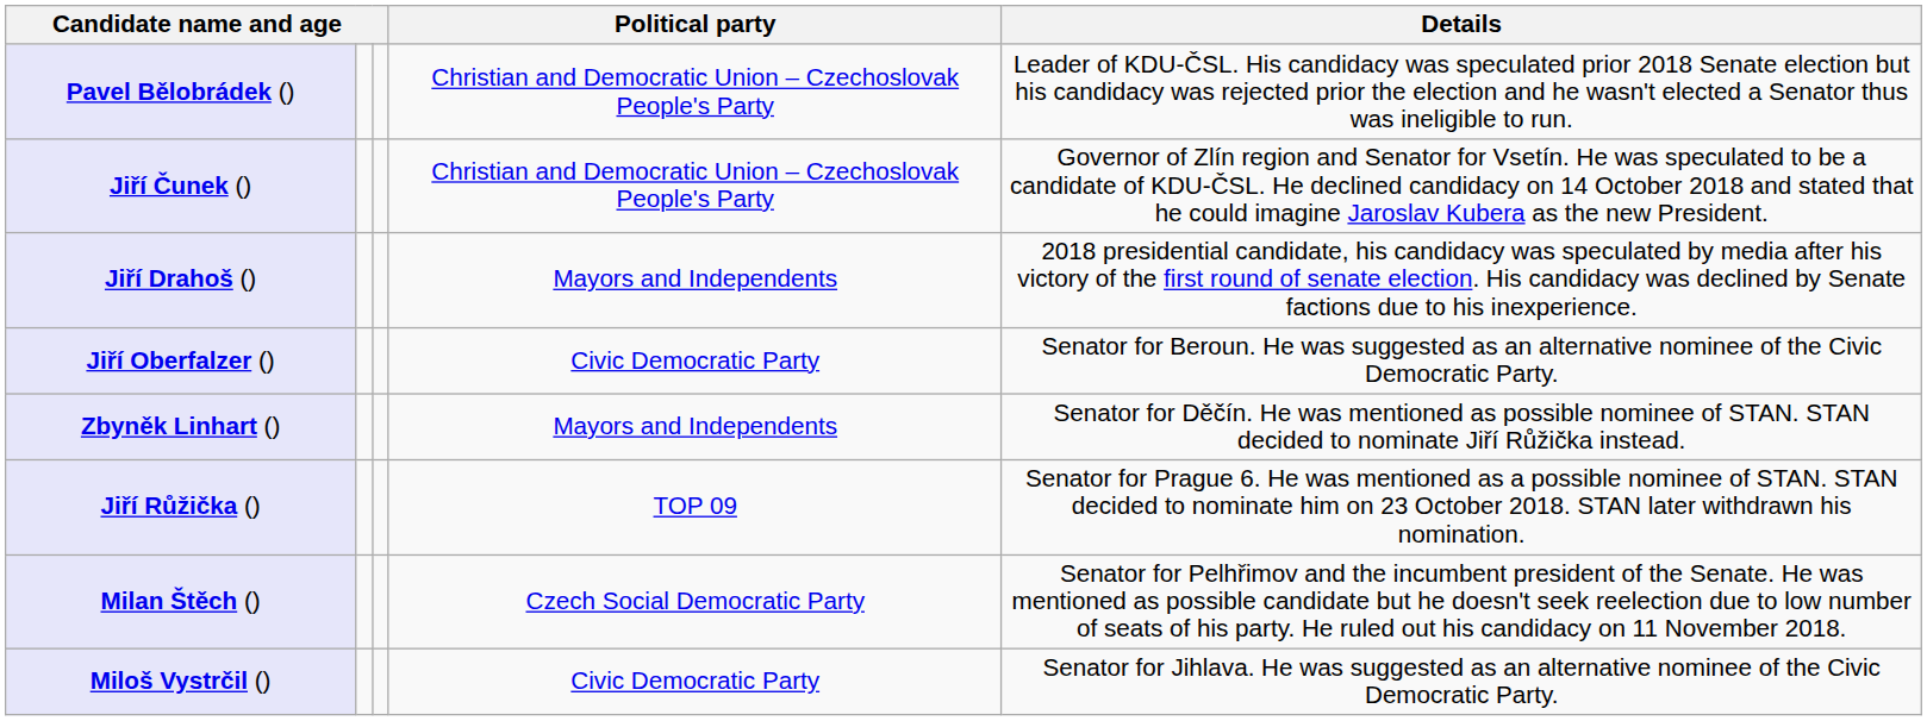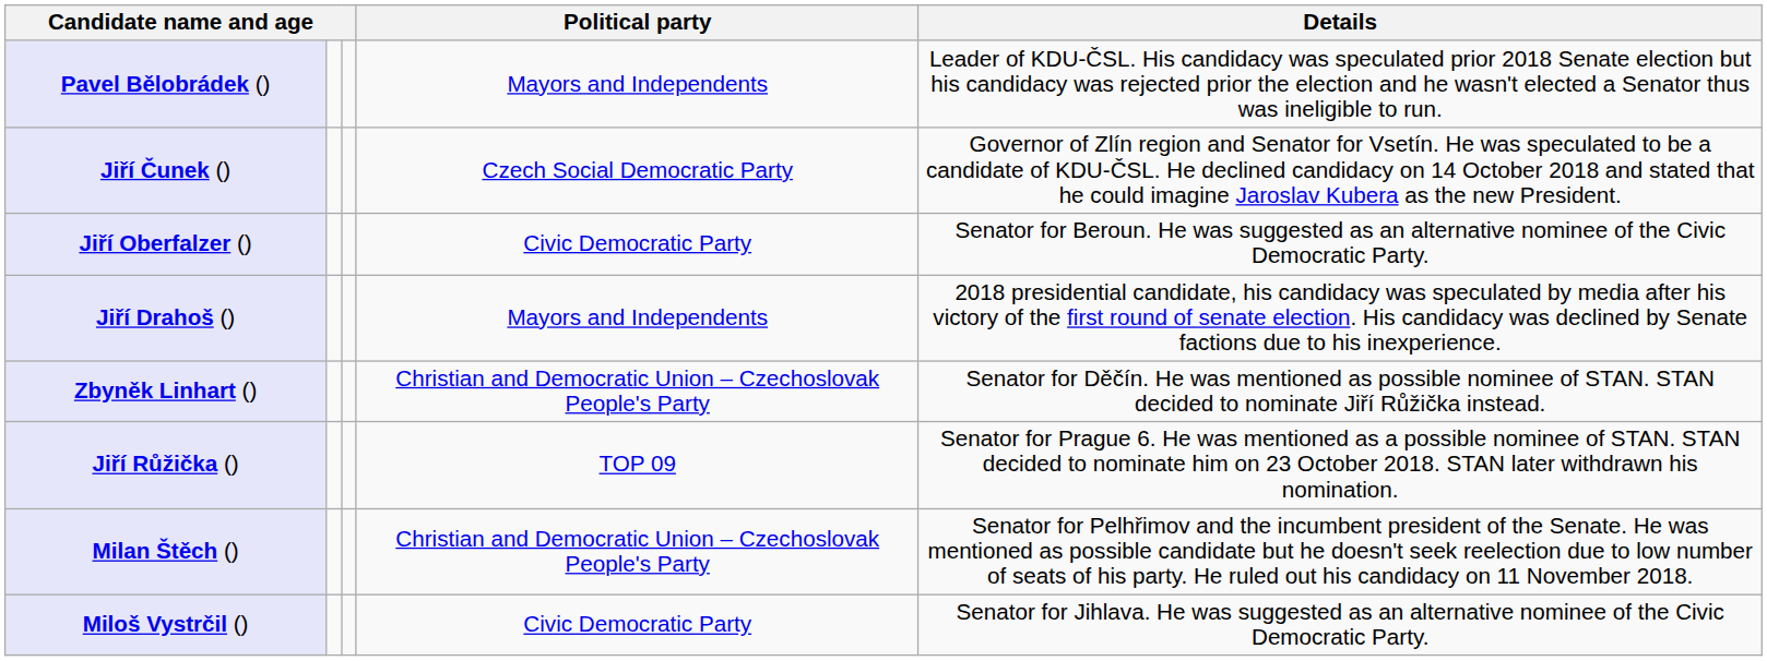 <table class="wikitable" style="text-align:center;">
 <tr>
 <th colspan="3" style="width:20%;">Candidate name and age</th>
 <th>Political party</th>
 <th style="width:48%;">Details</th>
 </tr>
 <tr>
 <td style="background:lavender;"><strong><a href='#'>Pavel Bělobrádek</a></strong> ()</td>
 <td></td>
 <td style="background-color:"></td>
-<td><a href='#'>Christian and Democratic Union – Czechoslovak People's Party</a></td>
+<td><a href='#'>Mayors and Independents</a></td>
 <td>Leader of KDU-ČSL. His candidacy was speculated prior 2018 Senate election but his candidacy was rejected prior the election and he wasn't elected a Senator thus was ineligible to run.</td>
 </tr>
 <tr>
 <td style="background:lavender;"><strong><a href='#'>Jiří Čunek</a></strong> ()</td>
 <td></td>
 <td style="background-color:"></td>
-<td><a href='#'>Christian and Democratic Union – Czechoslovak People's Party</a></td>
+<td><a href='#'>Czech Social Democratic Party</a></td>
 <td>Governor of Zlín region and Senator for Vsetín. He was speculated to be a candidate of KDU-ČSL. He declined candidacy on 14 October 2018 and stated that he could imagine <a href='#'>Jaroslav Kubera</a> as the new President.</td>
+</tr>
+<tr>
+<td style="background:lavender;"><strong><a href='#'>Jiří Oberfalzer</a></strong> ()</td>
+<td></td>
+<td style="background-color:"></td>
+<td><a href='#'>Civic Democratic Party</a></td>
+<td>Senator for Beroun. He was suggested as an alternative nominee of the Civic Democratic Party.</td>
 </tr>
 <tr>
 <td style="background:lavender;"><strong><a href='#'>Jiří Drahoš</a></strong> ()</td>
 <td></td>
 <td style="background-color:"></td>
 <td><a href='#'>Mayors and Independents</a></td>
 <td>2018 presidential candidate, his candidacy was speculated by media after his victory of the <a href='#'>first round of senate election</a>. His candidacy was declined by Senate factions due to his inexperience.</td>
 </tr>
 <tr>
-<td style="background:lavender;"><strong><a href='#'>Jiří Oberfalzer</a></strong> ()</td>
-<td></td>
-<td style="background-color:"></td>
-<td><a href='#'>Civic Democratic Party</a></td>
-<td>Senator for Beroun. He was suggested as an alternative nominee of the Civic Democratic Party.</td>
-</tr>
-<tr>
 <td style="background:lavender;"><strong><a href='#'>Zbyněk Linhart</a></strong> ()</td>
 <td></td>
 <td style="background-color:"></td>
-<td><a href='#'>Mayors and Independents</a></td>
+<td><a href='#'>Christian and Democratic Union – Czechoslovak People's Party</a></td>
 <td>Senator for Děčín. He was  mentioned as possible nominee of STAN. STAN decided to nominate Jiří Růžička instead.</td>
 </tr>
 <tr>
 <td style="background:lavender;"><strong><a href='#'>Jiří Růžička</a></strong> ()</td>
 <td></td>
 <td style="background-color:"></td>
 <td><a href='#'>TOP 09</a></td>
 <td>Senator for Prague 6. He was mentioned as a possible nominee of STAN. STAN decided to nominate him on 23 October 2018. STAN later withdrawn his nomination.</td>
 </tr>
 <tr>
 <td style="background:lavender;"><strong><a href='#'>Milan Štěch</a></strong> ()</td>
 <td></td>
 <td style="background-color:"></td>
-<td><a href='#'>Czech Social Democratic Party</a></td>
+<td><a href='#'>Christian and Democratic Union – Czechoslovak People's Party</a></td>
 <td>Senator for Pelhřimov and the incumbent president of the Senate. He was mentioned as possible candidate but he doesn't seek reelection due to low number of seats of his party. He ruled out his candidacy on 11 November 2018.</td>
 </tr>
 <tr>
 <td style="background:lavender;"><strong><a href='#'>Miloš Vystrčil</a></strong> ()</td>
 <td></td>
 <td style="background-color:"></td>
 <td><a href='#'>Civic Democratic Party</a></td>
 <td>Senator for Jihlava. He was suggested as an alternative nominee of the Civic Democratic Party.</td>
 </tr>
 </table>
